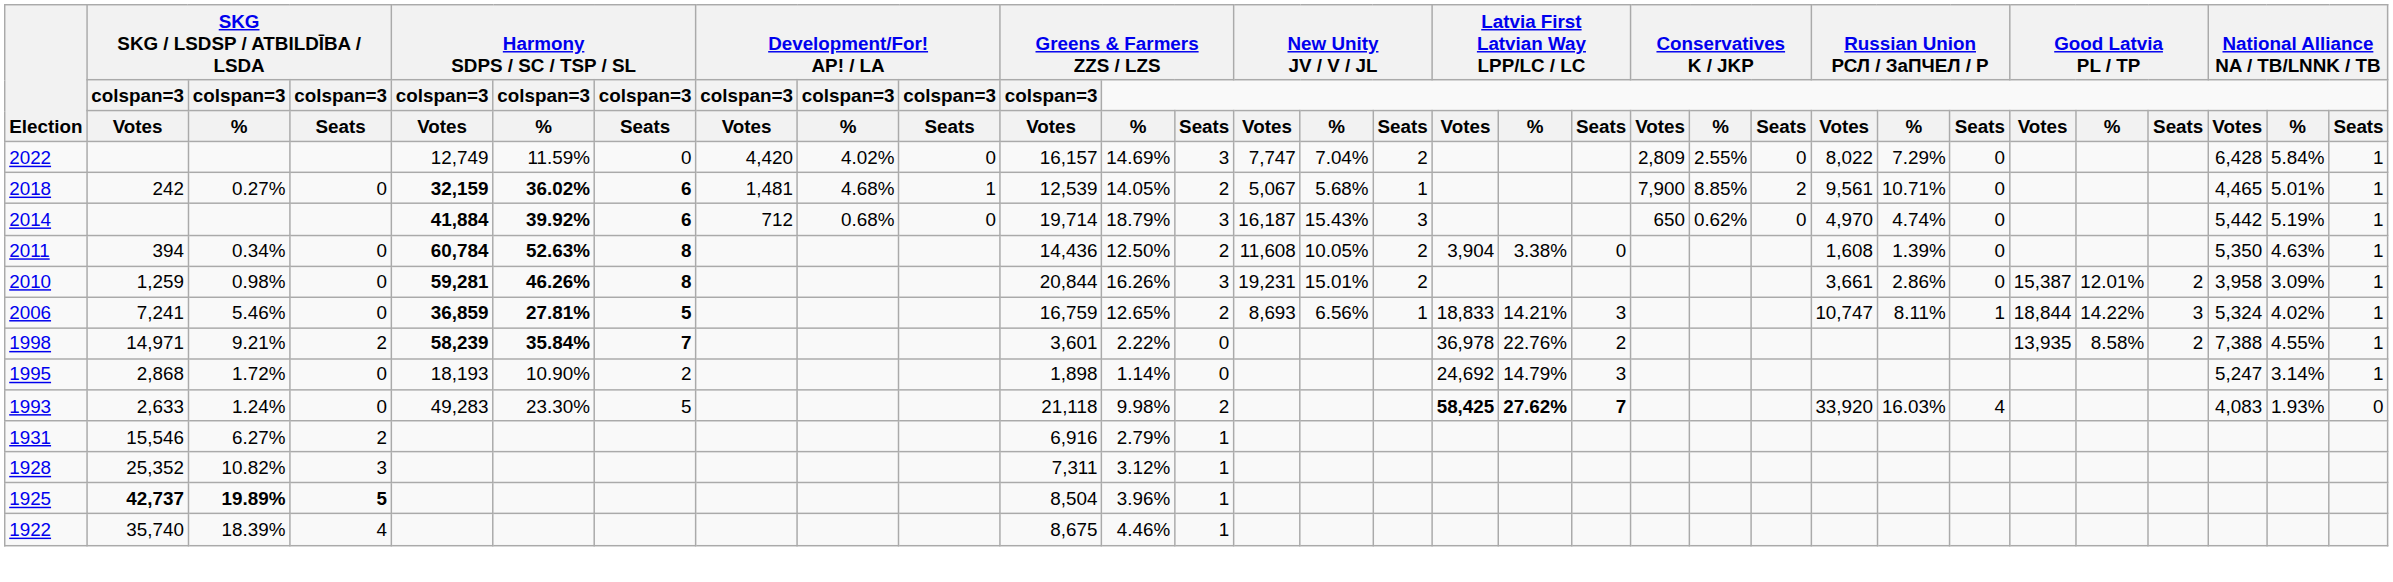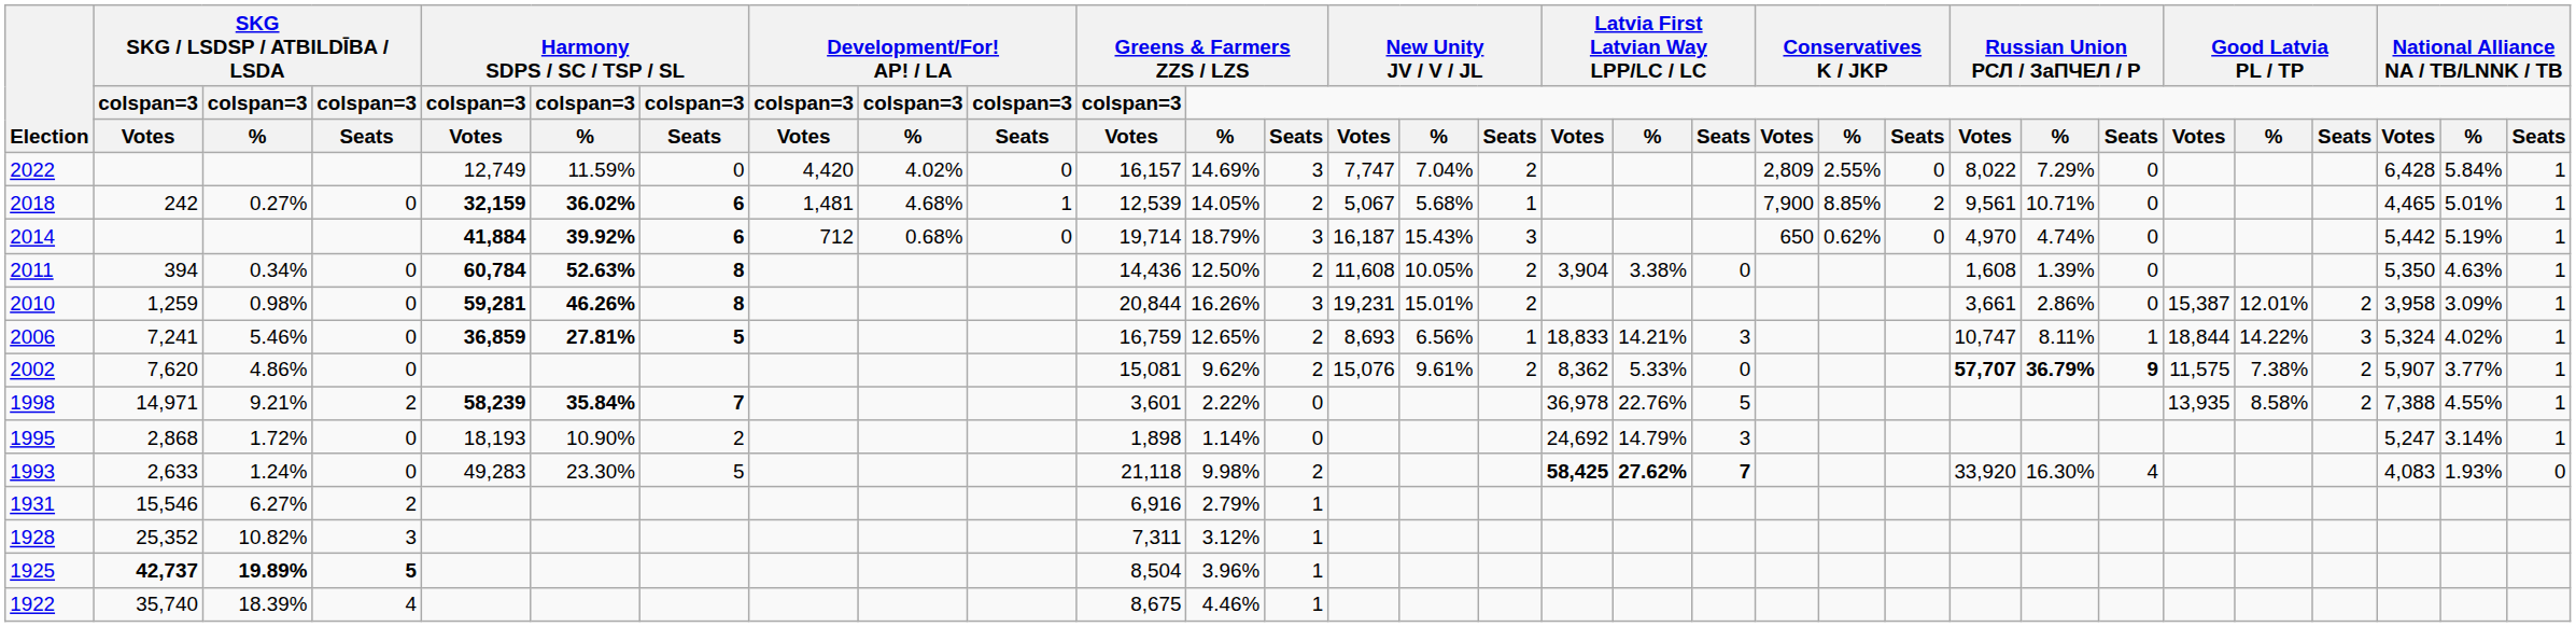 <table class="wikitable" border="1" style="font-size:80%; text-align:right;">
 <tr>
 <th style="text-align:left;" valign=bottom rowspan=3>Election</th>
 <th valign=bottom colspan=3><a href='#'>SKG</a><br>SKG / LSDSP / ATBILDĪBA / LSDA</th>
 <th valign=bottom colspan=3><a href='#'>Harmony</a><br>SDPS / SC / TSP / SL</th>
 <th valign=bottom colspan=3><a href='#'>Development/For!</a><br>AP! / LA</th>
 <th valign=bottom colspan=3><a href='#'>Greens & Farmers</a><br>ZZS / LZS</th>
 <th valign=bottom colspan=3><a href='#'>New Unity</a><br>JV / V / JL</th>
 <th valign=bottom colspan=3><a href='#'>Latvia First<br>Latvian Way</a><br>LPP/LC / LC</th>
 <th valign=bottom colspan=3><a href='#'>Conservatives</a><br>K / JKP</th>
 <th valign=bottom colspan=3><a href='#'>Russian Union</a><br>РСЛ / ЗаПЧЕЛ / P</th>
 <th valign=bottom colspan=3><a href='#'>Good Latvia</a><br>PL / TP</th>
 <th valign=bottom colspan=3><a href='#'>National Alliance</a><br>NA / TB/LNNK / TB</th>
 </tr>
 <tr>
 <th>colspan=3 </th>
 <th>colspan=3 </th>
 <th>colspan=3 </th>
 <th>colspan=3 </th>
 <th>colspan=3 </th>
 <th>colspan=3 </th>
 <th>colspan=3 </th>
 <th>colspan=3 </th>
 <th>colspan=3 </th>
 <th>colspan=3 </th>
 </tr>
 <tr>
 <th>Votes</th>
 <th>%</th>
 <th>Seats</th>
 <th>Votes</th>
 <th>%</th>
 <th>Seats</th>
 <th>Votes</th>
 <th>%</th>
 <th>Seats</th>
 <th>Votes</th>
 <th>%</th>
 <th>Seats</th>
 <th>Votes</th>
 <th>%</th>
 <th>Seats</th>
 <th>Votes</th>
 <th>%</th>
 <th>Seats</th>
 <th>Votes</th>
 <th>%</th>
 <th>Seats</th>
 <th>Votes</th>
 <th>%</th>
 <th>Seats</th>
 <th>Votes</th>
 <th>%</th>
 <th>Seats</th>
 <th>Votes</th>
 <th>%</th>
 <th>Seats</th>
 </tr>
 <tr>
 <td align=left><a href='#'>2022</a></td>
 <td></td>
 <td></td>
 <td></td>
 <td>12,749</td>
 <td>11.59%</td>
 <td>0</td>
 <td>4,420</td>
 <td>4.02%</td>
 <td>0</td>
 <td>16,157</td>
 <td>14.69%</td>
 <td>3</td>
 <td>7,747</td>
 <td>7.04%</td>
 <td>2</td>
 <td></td>
 <td></td>
 <td></td>
 <td>2,809</td>
 <td>2.55%</td>
 <td>0</td>
 <td>8,022</td>
 <td>7.29%</td>
 <td>0</td>
 <td></td>
 <td></td>
 <td></td>
 <td>6,428</td>
 <td>5.84%</td>
 <td>1</td>
 </tr>
 <tr>
 <td align=left><a href='#'>2018</a></td>
 <td>242</td>
 <td>0.27%</td>
 <td>0</td>
 <td><strong>32,159</strong></td>
 <td><strong>36.02%</strong></td>
 <td><strong>6</strong></td>
 <td>1,481</td>
 <td>4.68%</td>
 <td>1</td>
 <td>12,539</td>
 <td>14.05%</td>
 <td>2</td>
 <td>5,067</td>
 <td>5.68%</td>
 <td>1</td>
 <td></td>
 <td></td>
 <td></td>
 <td>7,900</td>
 <td>8.85%</td>
 <td>2</td>
 <td>9,561</td>
 <td>10.71%</td>
 <td>0</td>
 <td></td>
 <td></td>
 <td></td>
 <td>4,465</td>
 <td>5.01%</td>
 <td>1</td>
 </tr>
 <tr>
 <td align=left><a href='#'>2014</a></td>
 <td></td>
 <td></td>
 <td></td>
 <td><strong>41,884</strong></td>
 <td><strong>39.92%</strong></td>
 <td><strong>6</strong></td>
 <td>712</td>
 <td>0.68%</td>
 <td>0</td>
 <td>19,714</td>
 <td>18.79%</td>
 <td>3</td>
 <td>16,187</td>
 <td>15.43%</td>
 <td>3</td>
 <td></td>
 <td></td>
 <td></td>
 <td>650</td>
 <td>0.62%</td>
 <td>0</td>
 <td>4,970</td>
 <td>4.74%</td>
 <td>0</td>
 <td></td>
 <td></td>
 <td></td>
 <td>5,442</td>
 <td>5.19%</td>
 <td>1</td>
 </tr>
 <tr>
 <td align=left><a href='#'>2011</a></td>
 <td>394</td>
 <td>0.34%</td>
 <td>0</td>
 <td><strong>60,784</strong></td>
 <td><strong>52.63%</strong></td>
 <td><strong>8</strong></td>
 <td></td>
 <td></td>
 <td></td>
 <td>14,436</td>
 <td>12.50%</td>
 <td>2</td>
 <td>11,608</td>
 <td>10.05%</td>
 <td>2</td>
 <td>3,904</td>
 <td>3.38%</td>
 <td>0</td>
 <td></td>
 <td></td>
 <td></td>
 <td>1,608</td>
 <td>1.39%</td>
 <td>0</td>
 <td></td>
 <td></td>
 <td></td>
 <td>5,350</td>
 <td>4.63%</td>
 <td>1</td>
 </tr>
 <tr>
 <td align=left><a href='#'>2010</a></td>
 <td>1,259</td>
 <td>0.98%</td>
 <td>0</td>
 <td><strong>59,281</strong></td>
 <td><strong>46.26%</strong></td>
 <td><strong>8</strong></td>
 <td></td>
 <td></td>
 <td></td>
 <td>20,844</td>
 <td>16.26%</td>
 <td>3</td>
 <td>19,231</td>
 <td>15.01%</td>
 <td>2</td>
 <td></td>
 <td></td>
 <td></td>
 <td></td>
 <td></td>
 <td></td>
 <td>3,661</td>
 <td>2.86%</td>
 <td>0</td>
 <td>15,387</td>
 <td>12.01%</td>
 <td>2</td>
 <td>3,958</td>
 <td>3.09%</td>
 <td>1</td>
 </tr>
 <tr>
 <td align=left><a href='#'>2006</a></td>
 <td>7,241</td>
 <td>5.46%</td>
 <td>0</td>
 <td><strong>36,859</strong></td>
 <td><strong>27.81%</strong></td>
 <td><strong>5</strong></td>
 <td></td>
 <td></td>
 <td></td>
 <td>16,759</td>
 <td>12.65%</td>
 <td>2</td>
 <td>8,693</td>
 <td>6.56%</td>
 <td>1</td>
 <td>18,833</td>
 <td>14.21%</td>
 <td>3</td>
 <td></td>
 <td></td>
 <td></td>
 <td>10,747</td>
 <td>8.11%</td>
 <td>1</td>
 <td>18,844</td>
 <td>14.22%</td>
 <td>3</td>
 <td>5,324</td>
 <td>4.02%</td>
 <td>1</td>
 </tr>
 <tr>
+<td align=left><a href='#'>2002</a></td>
+<td>7,620</td>
+<td>4.86%</td>
+<td>0</td>
+<td></td>
+<td></td>
+<td></td>
+<td></td>
+<td></td>
+<td></td>
+<td>15,081</td>
+<td>9.62%</td>
+<td>2</td>
+<td>15,076</td>
+<td>9.61%</td>
+<td>2</td>
+<td>8,362</td>
+<td>5.33%</td>
+<td>0</td>
+<td></td>
+<td></td>
+<td></td>
+<td><strong>57,707</strong></td>
+<td><strong>36.79%</strong></td>
+<td><strong>9</strong></td>
+<td>11,575</td>
+<td>7.38%</td>
+<td>2</td>
+<td>5,907</td>
+<td>3.77%</td>
+<td>1</td>
+</tr>
+<tr>
 <td align=left><a href='#'>1998</a></td>
 <td>14,971</td>
 <td>9.21%</td>
 <td>2</td>
 <td><strong>58,239</strong></td>
 <td><strong>35.84%</strong></td>
 <td><strong>7</strong></td>
 <td></td>
 <td></td>
 <td></td>
 <td>3,601</td>
 <td>2.22%</td>
 <td>0</td>
 <td></td>
 <td></td>
 <td></td>
 <td>36,978</td>
 <td>22.76%</td>
-<td>2</td>
+<td>5</td>
 <td></td>
 <td></td>
 <td></td>
 <td></td>
 <td></td>
 <td></td>
 <td>13,935</td>
 <td>8.58%</td>
 <td>2</td>
 <td>7,388</td>
 <td>4.55%</td>
 <td>1</td>
 </tr>
 <tr>
 <td align=left><a href='#'>1995</a></td>
 <td>2,868</td>
 <td>1.72%</td>
 <td>0</td>
 <td>18,193</td>
 <td>10.90%</td>
 <td>2</td>
 <td></td>
 <td></td>
 <td></td>
 <td>1,898</td>
 <td>1.14%</td>
 <td>0</td>
 <td></td>
 <td></td>
 <td></td>
 <td>24,692</td>
 <td>14.79%</td>
 <td>3</td>
 <td></td>
 <td></td>
 <td></td>
 <td></td>
 <td></td>
 <td></td>
 <td></td>
 <td></td>
 <td></td>
 <td>5,247</td>
 <td>3.14%</td>
 <td>1</td>
 </tr>
 <tr>
 <td align=left><a href='#'>1993</a></td>
 <td>2,633</td>
 <td>1.24%</td>
 <td>0</td>
 <td>49,283</td>
 <td>23.30%</td>
 <td>5</td>
 <td></td>
 <td></td>
 <td></td>
 <td>21,118</td>
 <td>9.98%</td>
 <td>2</td>
 <td></td>
 <td></td>
 <td></td>
 <td><strong>58,425</strong></td>
 <td><strong>27.62%</strong></td>
 <td><strong>7</strong></td>
 <td></td>
 <td></td>
 <td></td>
 <td>33,920</td>
-<td>16.03%</td>
+<td>16.30%</td>
 <td>4</td>
 <td></td>
 <td></td>
 <td></td>
 <td>4,083</td>
 <td>1.93%</td>
 <td>0</td>
 </tr>
 <tr>
 <td align=left><a href='#'>1931</a></td>
 <td>15,546</td>
 <td>6.27%</td>
 <td>2</td>
 <td></td>
 <td></td>
 <td></td>
 <td></td>
 <td></td>
 <td></td>
 <td>6,916</td>
 <td>2.79%</td>
 <td>1</td>
 <td></td>
 <td></td>
 <td></td>
 <td></td>
 <td></td>
 <td></td>
 <td></td>
 <td></td>
 <td></td>
 <td></td>
 <td></td>
 <td></td>
 <td></td>
 <td></td>
 <td></td>
 <td></td>
 <td></td>
 <td></td>
 </tr>
 <tr>
 <td align=left><a href='#'>1928</a></td>
 <td>25,352</td>
 <td>10.82%</td>
 <td>3</td>
 <td></td>
 <td></td>
 <td></td>
 <td></td>
 <td></td>
 <td></td>
 <td>7,311</td>
 <td>3.12%</td>
 <td>1</td>
 <td></td>
 <td></td>
 <td></td>
 <td></td>
 <td></td>
 <td></td>
 <td></td>
 <td></td>
 <td></td>
 <td></td>
 <td></td>
 <td></td>
 <td></td>
 <td></td>
 <td></td>
 <td></td>
 <td></td>
 <td></td>
 </tr>
 <tr>
 <td align=left><a href='#'>1925</a></td>
 <td><strong>42,737</strong></td>
 <td><strong>19.89%</strong></td>
 <td><strong>5</strong></td>
 <td></td>
 <td></td>
 <td></td>
 <td></td>
 <td></td>
 <td></td>
 <td>8,504</td>
 <td>3.96%</td>
 <td>1</td>
 <td></td>
 <td></td>
 <td></td>
 <td></td>
 <td></td>
 <td></td>
 <td></td>
 <td></td>
 <td></td>
 <td></td>
 <td></td>
 <td></td>
 <td></td>
 <td></td>
 <td></td>
 <td></td>
 <td></td>
 <td></td>
 </tr>
 <tr>
 <td align=left><a href='#'>1922</a></td>
 <td>35,740</td>
 <td>18.39%</td>
 <td>4</td>
 <td></td>
 <td></td>
 <td></td>
 <td></td>
 <td></td>
 <td></td>
 <td>8,675</td>
 <td>4.46%</td>
 <td>1</td>
 <td></td>
 <td></td>
 <td></td>
 <td></td>
 <td></td>
 <td></td>
 <td></td>
 <td></td>
 <td></td>
 <td></td>
 <td></td>
 <td></td>
 <td></td>
 <td></td>
 <td></td>
 <td></td>
 <td></td>
 <td></td>
 </tr>
 </table>
